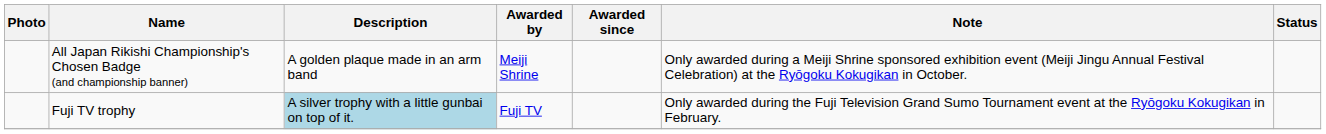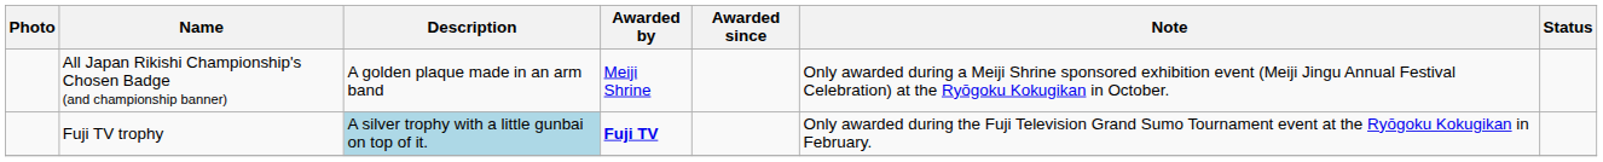 <table class="wikitable sortable">
 <tr>
 <th>Photo</th>
 <th>Name</th>
 <th>Description</th>
 <th>Awarded by</th>
 <th>Awarded since</th>
 <th>Note</th>
 <th>Status</th>
 </tr>
 <tr>
 <td></td>
 <td>All Japan Rikishi Championship's Chosen Badge<br><small>(and championship banner)</small></td>
 <td>A golden plaque made in an arm band</td>
 <td><a href='#'>Meiji Shrine</a></td>
 <td></td>
 <td>Only awarded during a Meiji Shrine sponsored exhibition event (Meiji Jingu Annual Festival Celebration) at the <a href='#'>Ryōgoku Kokugikan</a> in October.</td>
 <td></td>
 </tr>
 <tr>
 <td></td>
 <td>Fuji TV trophy</td>
 <td style="background: lightblue;">A silver trophy with a little gunbai on top of it.</td>
-<td><a href='#'>Fuji TV</a></td>
+<td><strong><a href='#'>Fuji TV</a></strong></td>
 <td></td>
 <td>Only awarded during the Fuji Television Grand Sumo Tournament event at the <a href='#'>Ryōgoku Kokugikan</a> in February.</td>
 <td></td>
 </tr>
 <tr>
 </tr>
 </table>
